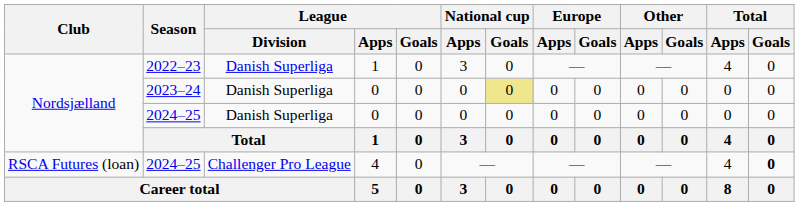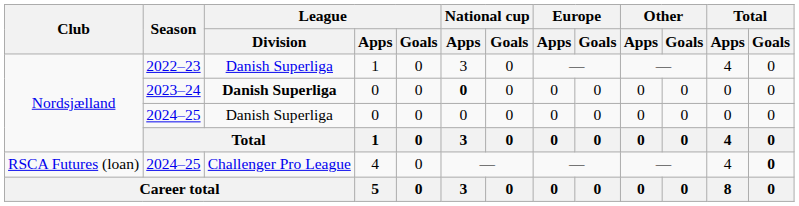 <table class="wikitable" style="text-align:center">
 <tr>
 <th rowspan="2">Club</th>
 <th rowspan="2">Season</th>
 <th colspan="3">League</th>
 <th colspan="2">National cup</th>
 <th colspan="2">Europe</th>
 <th colspan="2">Other</th>
 <th colspan="2">Total</th>
 </tr>
 <tr>
 <th>Division</th>
 <th>Apps</th>
 <th>Goals</th>
 <th>Apps</th>
 <th>Goals</th>
 <th>Apps</th>
 <th>Goals</th>
 <th>Apps</th>
 <th>Goals</th>
 <th>Apps</th>
 <th>Goals</th>
 </tr>
 <tr>
 <td rowspan="4"><a href='#'>Nordsjælland</a></td>
 <td><a href='#'>2022–23</a></td>
 <td><a href='#'>Danish Superliga</a></td>
 <td>1</td>
 <td>0</td>
 <td>3</td>
 <td>0</td>
 <td colspan="2">—</td>
 <td colspan="2">—</td>
 <td>4</td>
 <td>0</td>
 </tr>
 <tr>
 <td><a href='#'>2023–24</a></td>
-<td>Danish Superliga</td>
+<td><strong>Danish Superliga</strong></td>
 <td>0</td>
 <td>0</td>
+<td><strong>0</strong></td>
 <td>0</td>
-<td style="background: khaki;">0</td>
 <td>0</td>
 <td>0</td>
 <td>0</td>
 <td>0</td>
 <td>0</td>
 <td>0</td>
 </tr>
 <tr>
 <td><a href='#'>2024–25</a></td>
 <td>Danish Superliga</td>
 <td>0</td>
 <td>0</td>
 <td>0</td>
 <td>0</td>
 <td>0</td>
 <td>0</td>
 <td>0</td>
 <td>0</td>
 <td>0</td>
 <td>0</td>
 </tr>
 <tr>
 <th colspan="2">Total</th>
 <th>1</th>
 <th>0</th>
 <th>3</th>
 <th>0</th>
 <th>0</th>
 <th>0</th>
 <th>0</th>
 <th>0</th>
 <th>4</th>
 <th>0</th>
 </tr>
 <tr>
 <td><a href='#'>RSCA Futures</a> (loan)</td>
 <td><a href='#'>2024–25</a></td>
 <td><a href='#'>Challenger Pro League</a></td>
 <td>4</td>
 <td>0</td>
 <td colspan="2">—</td>
 <td colspan="2">—</td>
 <td colspan="2">—</td>
 <td>4</td>
 <td><strong>0</strong></td>
 </tr>
 <tr>
 <th colspan="3">Career total</th>
 <th>5</th>
 <th>0</th>
 <th>3</th>
 <th>0</th>
 <th>0</th>
 <th>0</th>
 <th>0</th>
 <th>0</th>
 <th>8</th>
 <th>0</th>
 </tr>
 </table>
